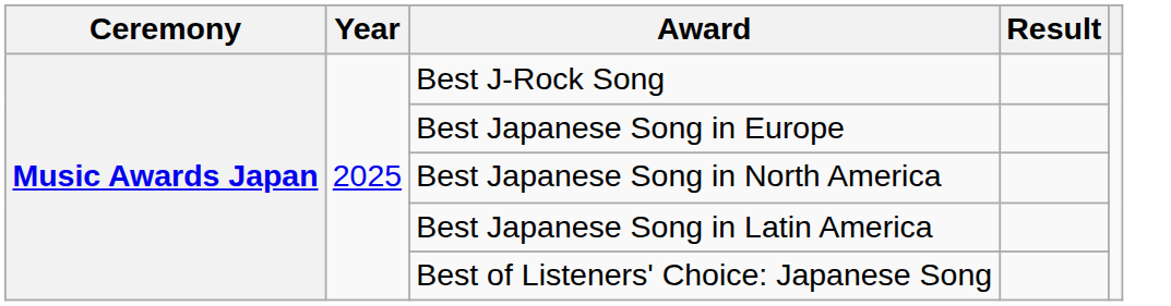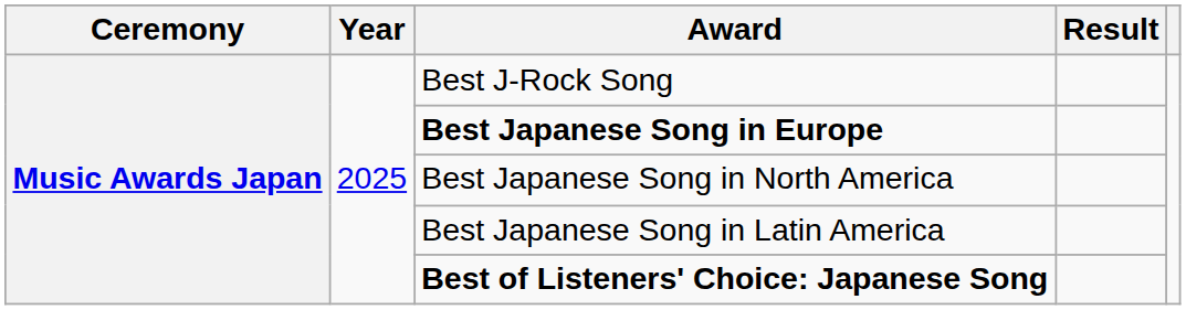 <table class="wikitable sortable plainrowheaders">
 <tr>
 <th scope="col">Ceremony</th>
 <th scope="col">Year</th>
 <th scope="col">Award</th>
 <th scope="col">Result</th>
 <th scope="col" class="unsortable"></th>
 </tr>
 <tr>
 <th scope="row" rowspan="5"><a href='#'>Music Awards Japan</a></th>
 <td style="text-align:center" rowspan="5"><a href='#'>2025</a></td>
 <td>Best J-Rock Song</td>
 <td></td>
 <td style="text-align:center" rowspan="5"><br></td>
 </tr>
 <tr>
-<td>Best Japanese Song in Europe</td>
+<td><strong>Best Japanese Song in Europe</strong></td>
 <td></td>
 </tr>
 <tr>
 <td>Best Japanese Song in North America</td>
 <td></td>
 </tr>
 <tr>
 <td>Best Japanese Song in Latin America</td>
 <td></td>
 </tr>
 <tr>
-<td>Best of Listeners' Choice: Japanese Song</td>
+<td><strong>Best of Listeners' Choice: Japanese Song</strong></td>
 <td></td>
 </tr>
 </table>
